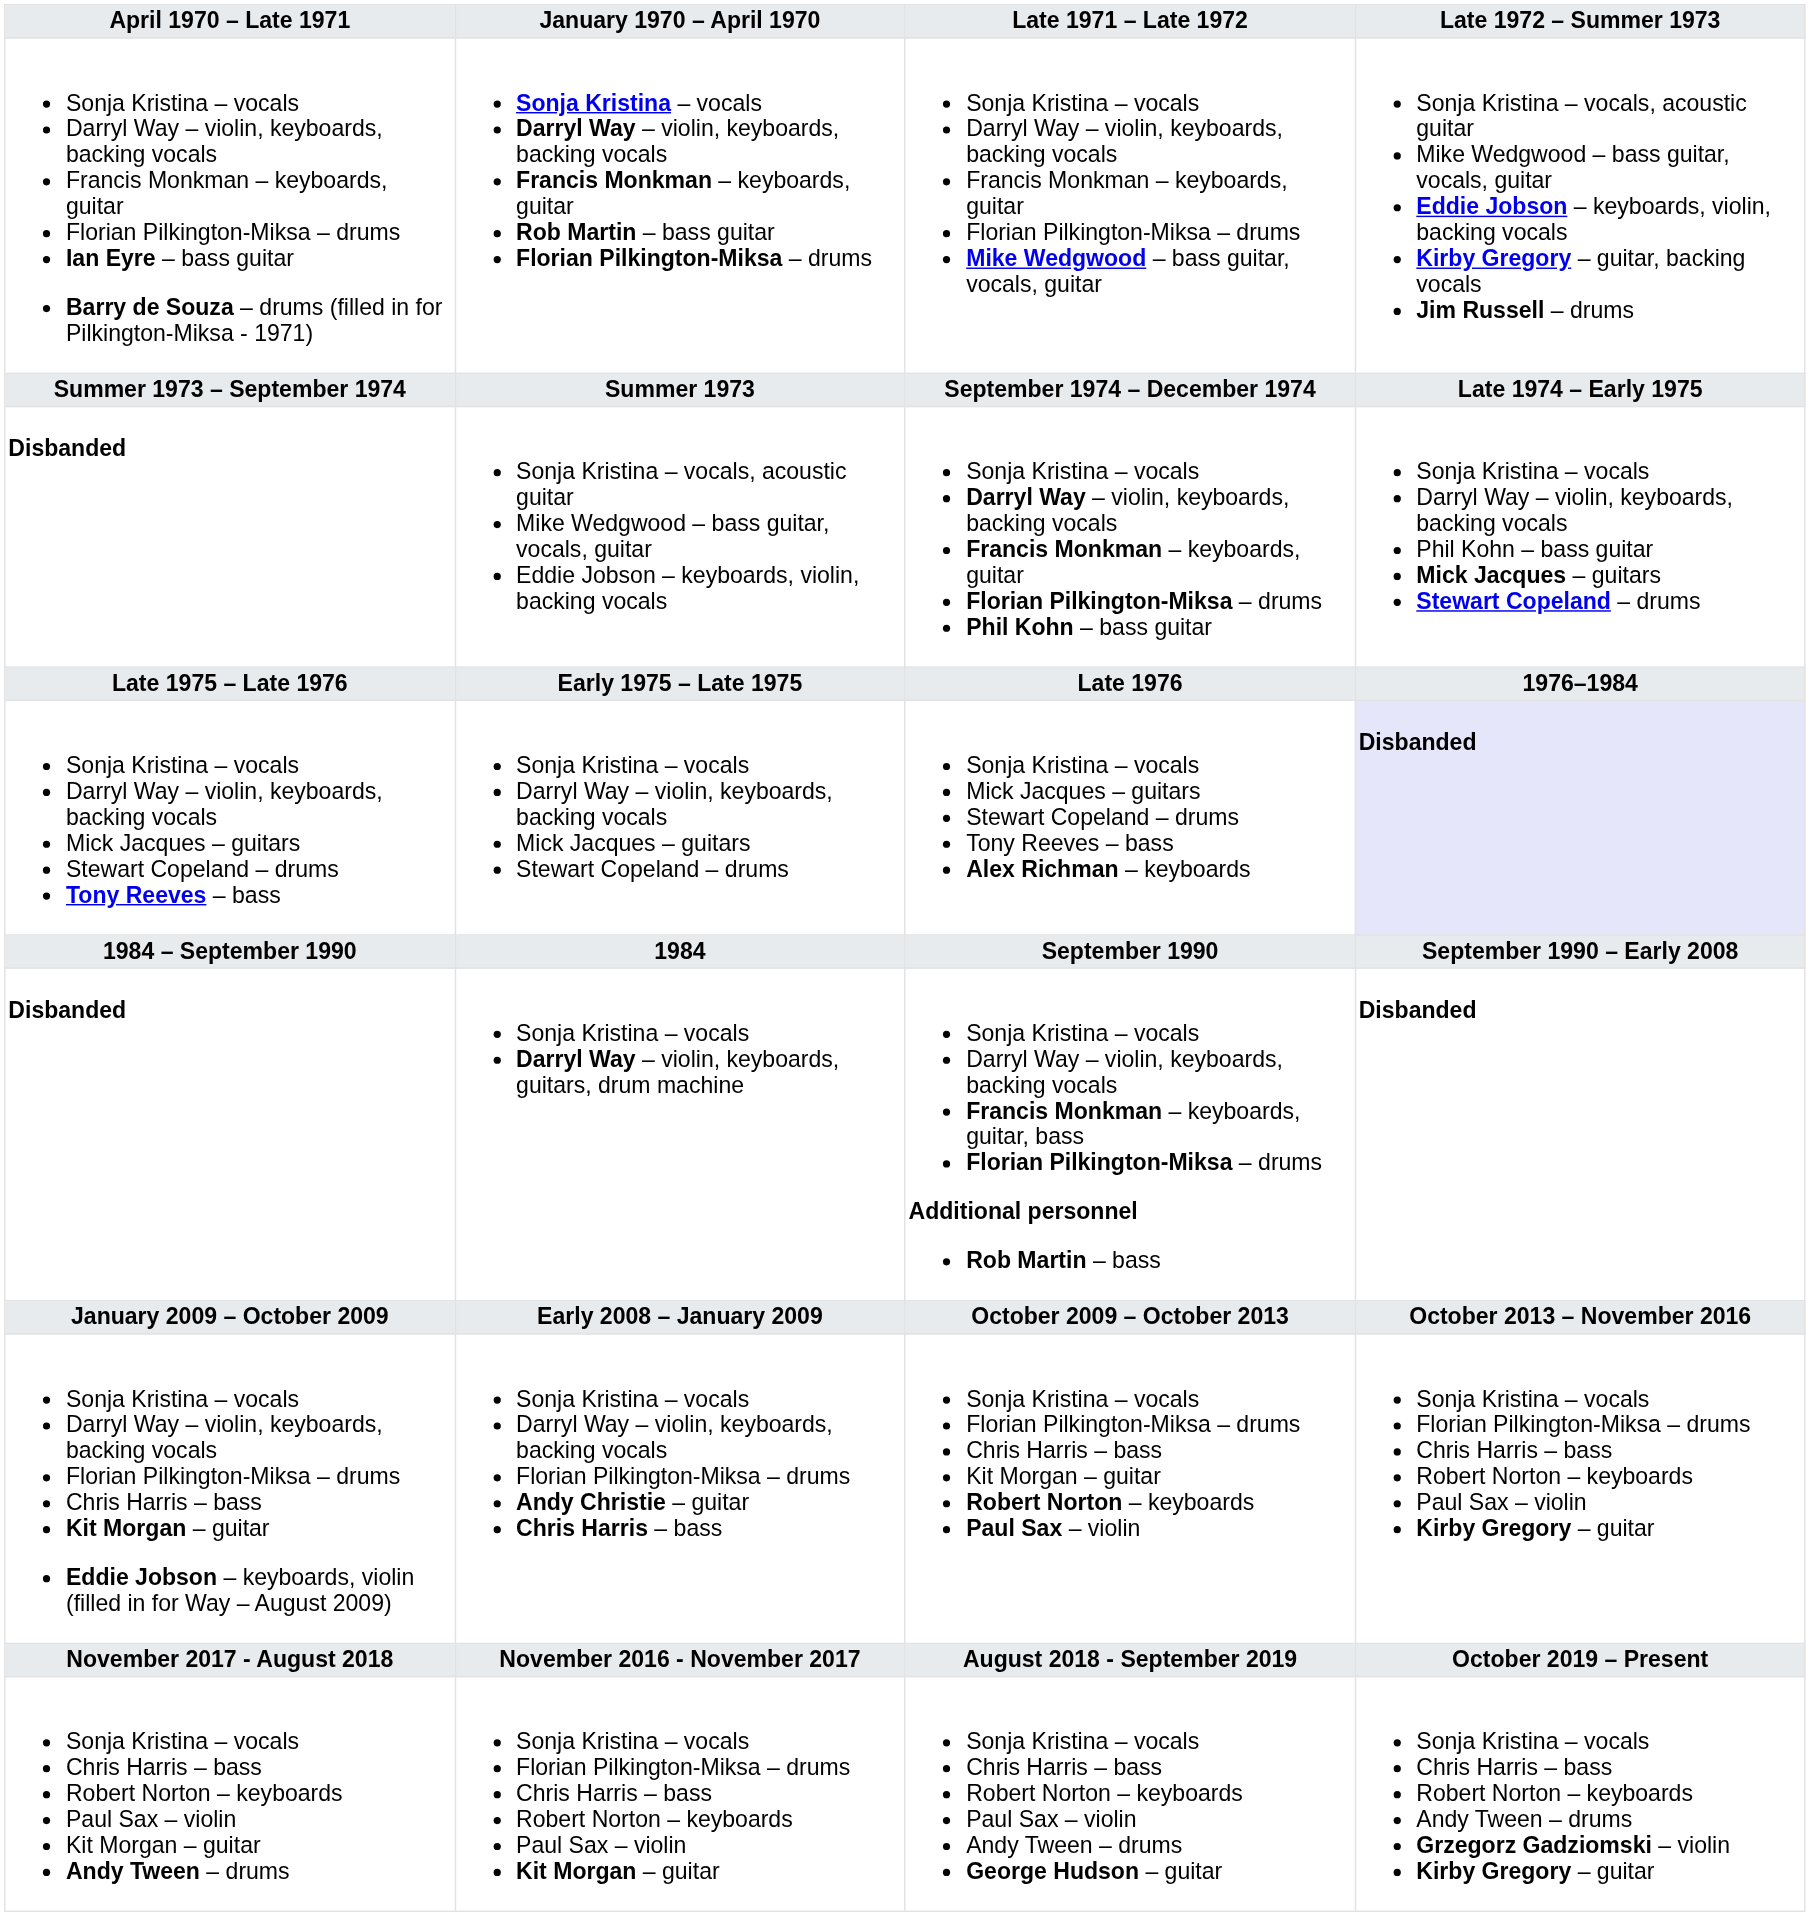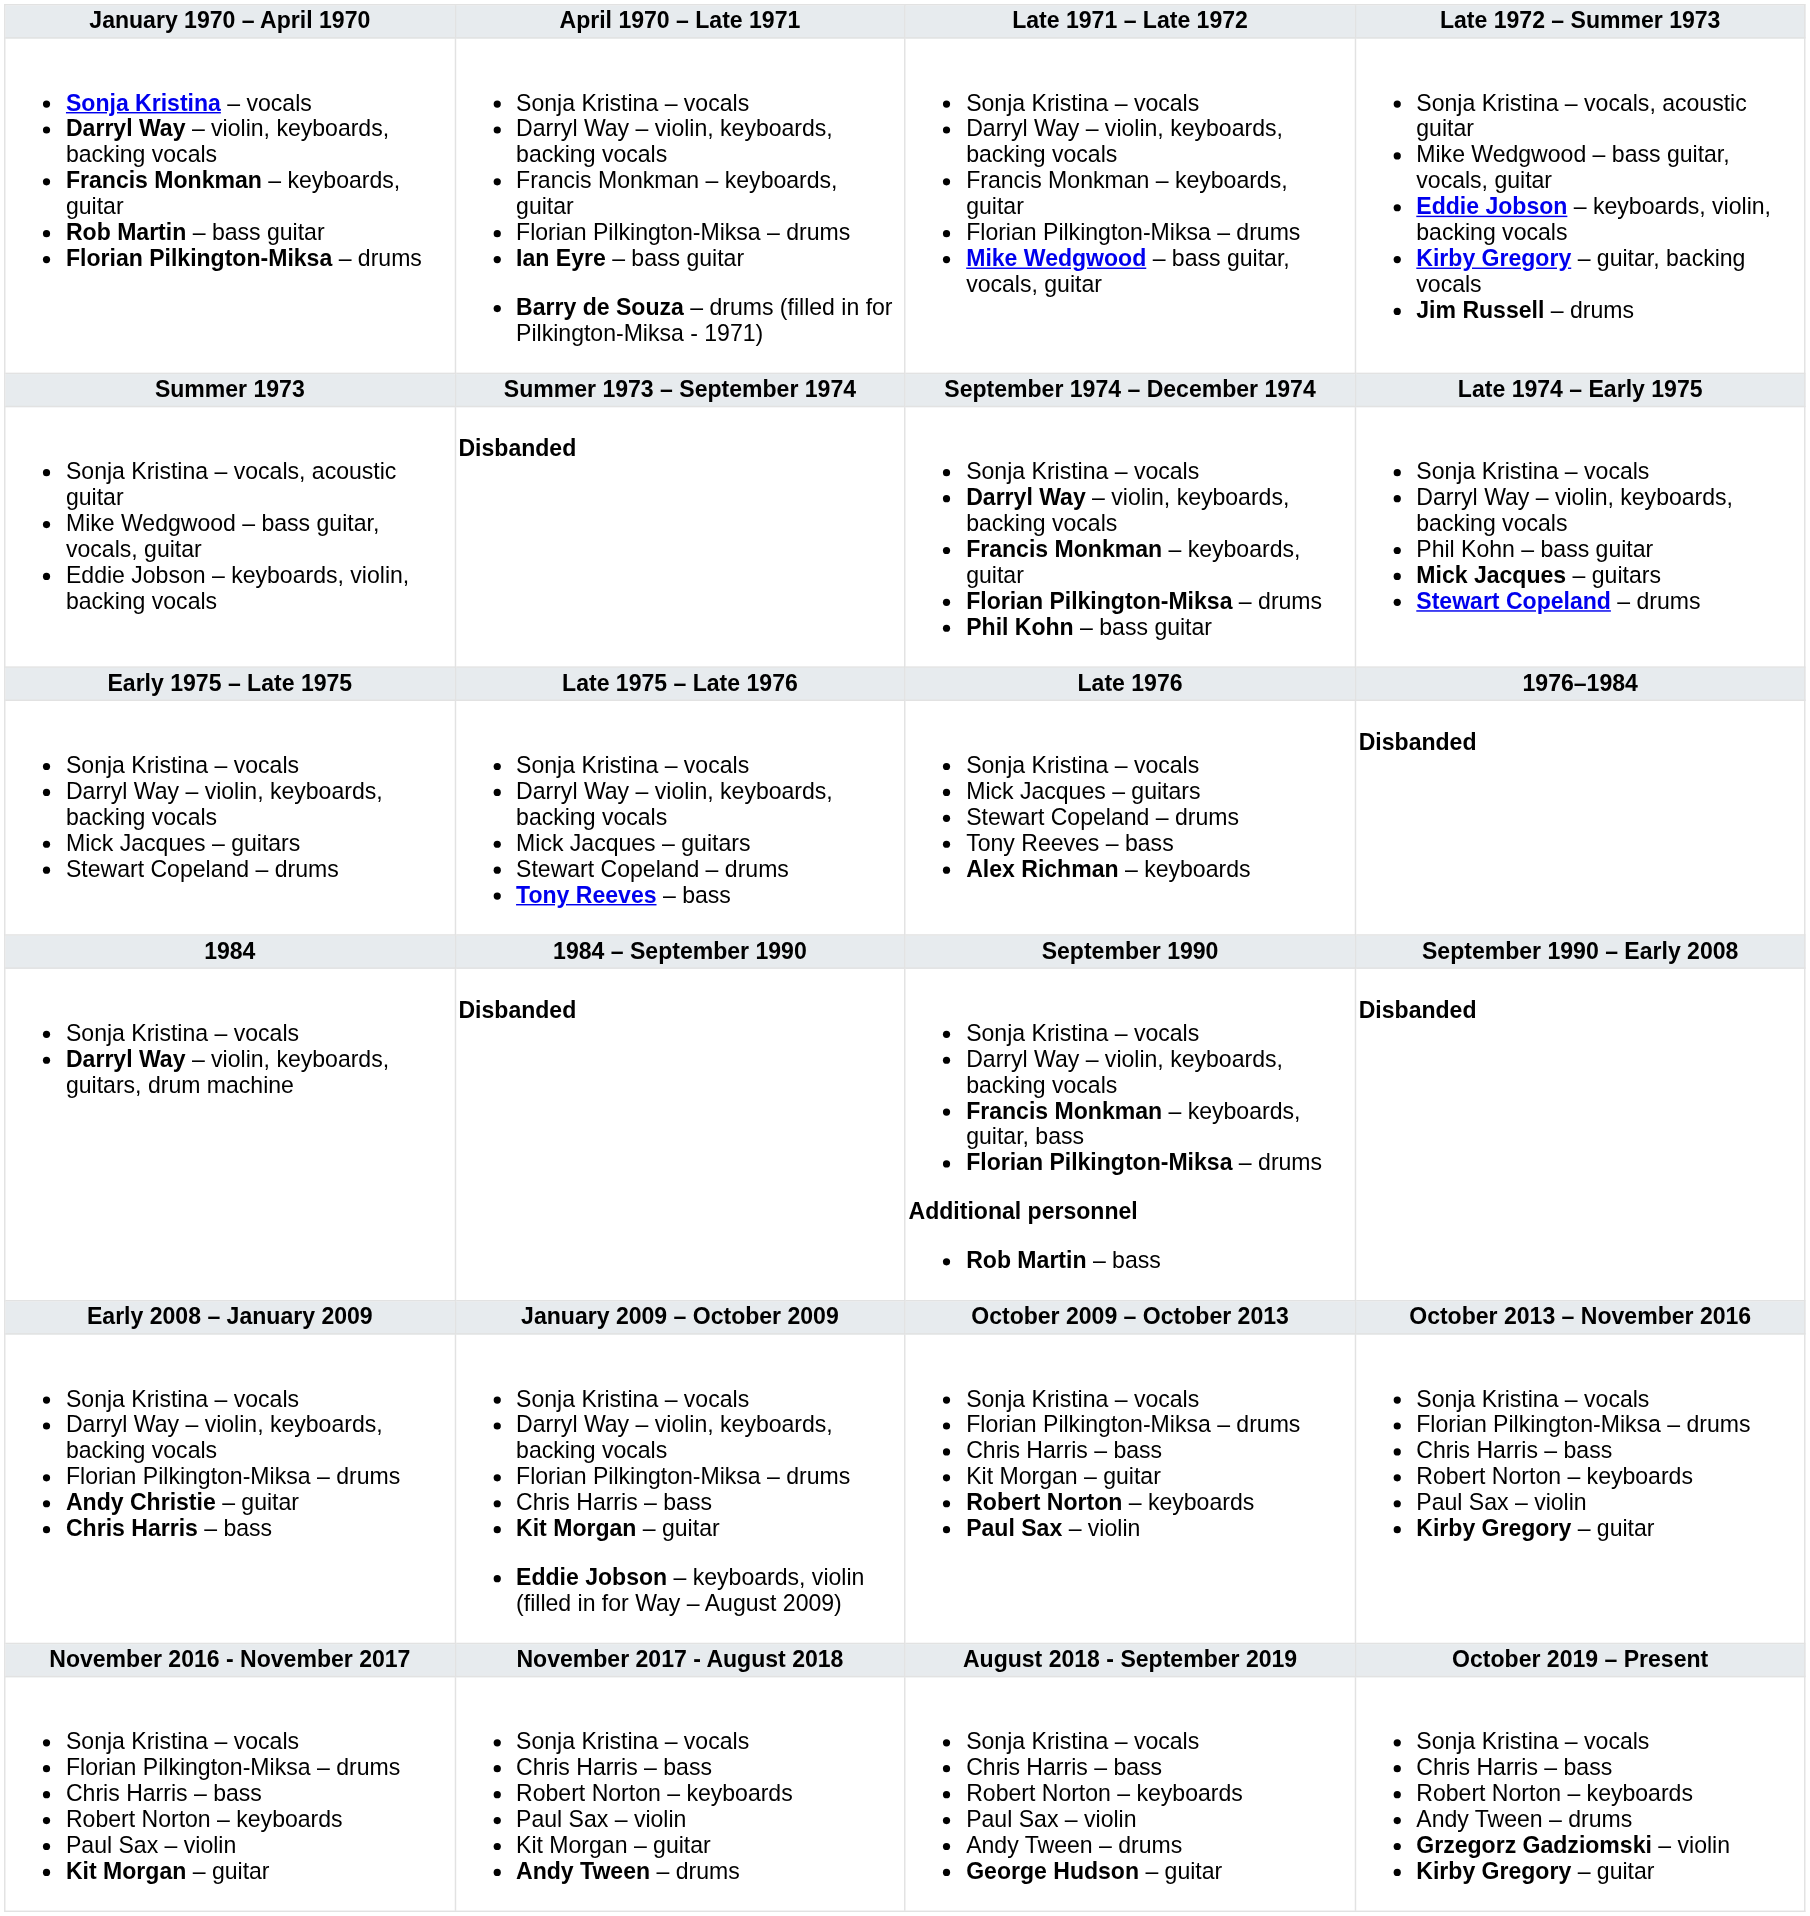 <table class="toccolours" border=1 cellpadding=2 cellspacing=0 style="float: width: 375px; margin: 0 0 1em 1em; border-collapse: collapse; border: 1px solid #E2E2E2;" width=99%>
 <tr>
+<th bgcolor="#E7EBEE" valign=top width=25%>January 1970 – April 1970</th>
 <th bgcolor="#E7EBEE" valign=top width=25%>April 1970 – Late 1971</th>
-<th bgcolor="#E7EBEE" valign=top width=25%>January 1970 – April 1970</th>
 <th bgcolor="#E7EBEE" valign=top width=25%>Late 1971 – Late 1972</th>
 <th bgcolor="#E7EBEE" valign=top width=25%>Late 1972 – Summer 1973</th>
 </tr>
 <tr>
+<td valign=top><br><ul><li><strong><a href='#'>Sonja Kristina</a></strong> – vocals</li><li><strong>Darryl Way</strong> – violin, keyboards, backing vocals</li><li><strong>Francis Monkman</strong> – keyboards, guitar</li><li><strong>Rob Martin</strong> – bass guitar</li><li><strong>Florian Pilkington-Miksa</strong> – drums</li></ul></td>
 <td valign=top><br><ul><li>Sonja Kristina – vocals</li><li>Darryl Way – violin, keyboards, backing vocals</li><li>Francis Monkman – keyboards, guitar</li><li>Florian Pilkington-Miksa – drums</li><li><strong>Ian Eyre</strong> – bass guitar</li></ul><ul><li><strong>Barry de Souza</strong> – drums (filled in for Pilkington-Miksa - 1971)</li></ul></td>
-<td valign=top><br><ul><li><strong><a href='#'>Sonja Kristina</a></strong> – vocals</li><li><strong>Darryl Way</strong> – violin, keyboards, backing vocals</li><li><strong>Francis Monkman</strong> – keyboards, guitar</li><li><strong>Rob Martin</strong> – bass guitar</li><li><strong>Florian Pilkington-Miksa</strong> – drums</li></ul></td>
 <td valign=top><br><ul><li>Sonja Kristina – vocals</li><li>Darryl Way – violin, keyboards, backing vocals</li><li>Francis Monkman – keyboards, guitar</li><li>Florian Pilkington-Miksa – drums</li><li><strong><a href='#'>Mike Wedgwood</a></strong> – bass guitar, vocals, guitar</li></ul></td>
 <td valign=top><br><ul><li>Sonja Kristina – vocals, acoustic guitar</li><li>Mike Wedgwood – bass guitar, vocals, guitar</li><li><strong><a href='#'>Eddie Jobson</a></strong> – keyboards, violin, backing vocals</li><li><strong><a href='#'>Kirby Gregory</a></strong> – guitar, backing vocals</li><li><strong>Jim Russell</strong> – drums</li></ul></td>
 </tr>
 <tr>
+<th bgcolor="#E7EBEE" valign=top width=25%>Summer 1973</th>
 <th bgcolor="#E7EBEE" valign=top width=25%>Summer 1973 – September 1974</th>
-<th bgcolor="#E7EBEE" valign=top width=25%>Summer 1973</th>
 <th bgcolor="#E7EBEE" valign=top width=25%>September 1974 – December 1974</th>
 <th bgcolor="#E7EBEE" valign=top width=25%>Late 1974 – Early 1975</th>
 </tr>
 <tr>
+<td valign=top><br><ul><li>Sonja Kristina – vocals, acoustic guitar</li><li>Mike Wedgwood – bass guitar, vocals, guitar</li><li>Eddie Jobson – keyboards, violin, backing vocals</li></ul></td>
 <td valign=top><br><strong>Disbanded</strong></td>
-<td valign=top><br><ul><li>Sonja Kristina – vocals, acoustic guitar</li><li>Mike Wedgwood – bass guitar, vocals, guitar</li><li>Eddie Jobson – keyboards, violin, backing vocals</li></ul></td>
 <td valign=top><br><ul><li>Sonja Kristina – vocals</li><li><strong>Darryl Way</strong> – violin, keyboards, backing vocals</li><li><strong>Francis Monkman</strong> – keyboards, guitar</li><li><strong>Florian Pilkington-Miksa</strong> – drums</li><li><strong>Phil Kohn</strong> – bass guitar</li></ul></td>
 <td valign=top><br><ul><li>Sonja Kristina – vocals</li><li>Darryl Way – violin, keyboards, backing vocals</li><li>Phil Kohn – bass guitar</li><li><strong>Mick Jacques</strong> – guitars</li><li><strong><a href='#'>Stewart Copeland</a></strong> – drums</li></ul></td>
 </tr>
 <tr>
+<th bgcolor="#E7EBEE" valign=top width=25%>Early 1975 – Late 1975</th>
 <th bgcolor="#E7EBEE" valign=top width=25%>Late 1975 – Late 1976</th>
-<th bgcolor="#E7EBEE" valign=top width=25%>Early 1975 – Late 1975</th>
 <th bgcolor="#E7EBEE" valign=top width=25%>Late 1976</th>
 <th bgcolor="#E7EBEE" valign=top width=25%>1976–1984</th>
 </tr>
 <tr>
+<td valign=top><br><ul><li>Sonja Kristina – vocals</li><li>Darryl Way – violin, keyboards, backing vocals</li><li>Mick Jacques – guitars</li><li>Stewart Copeland – drums</li></ul></td>
 <td valign=top><br><ul><li>Sonja Kristina – vocals</li><li>Darryl Way – violin, keyboards, backing vocals</li><li>Mick Jacques – guitars</li><li>Stewart Copeland – drums</li><li><strong><a href='#'>Tony Reeves</a></strong> – bass</li></ul></td>
-<td valign=top><br><ul><li>Sonja Kristina – vocals</li><li>Darryl Way – violin, keyboards, backing vocals</li><li>Mick Jacques – guitars</li><li>Stewart Copeland – drums</li></ul></td>
 <td valign=top><br><ul><li>Sonja Kristina – vocals</li><li>Mick Jacques – guitars</li><li>Stewart Copeland – drums</li><li>Tony Reeves – bass</li><li><strong>Alex Richman</strong> – keyboards</li></ul></td>
-<td valign=top style="background: lavender;"><br><strong>Disbanded</strong></td>
+<td valign=top><br><strong>Disbanded</strong></td>
 </tr>
 <tr>
+<th bgcolor="#E7EBEE" valign=top width=25%>1984</th>
 <th bgcolor="#E7EBEE" valign=top width=25%>1984 – September 1990</th>
-<th bgcolor="#E7EBEE" valign=top width=25%>1984</th>
 <th bgcolor="#E7EBEE" valign=top width=25%>September 1990</th>
 <th bgcolor="#E7EBEE" valign=top width=25%>September 1990 – Early 2008</th>
 </tr>
 <tr>
+<td valign=top><br><ul><li>Sonja Kristina – vocals</li><li><strong>Darryl Way</strong> – violin, keyboards, guitars, drum machine</li></ul></td>
 <td valign=top><br><strong>Disbanded</strong></td>
-<td valign=top><br><ul><li>Sonja Kristina – vocals</li><li><strong>Darryl Way</strong> – violin, keyboards, guitars, drum machine</li></ul></td>
 <td valign=top><br><ul><li>Sonja Kristina – vocals</li><li>Darryl Way – violin, keyboards, backing vocals</li><li><strong>Francis Monkman</strong> – keyboards, guitar, bass</li><li><strong>Florian Pilkington-Miksa</strong> – drums</li></ul><strong>Additional personnel</strong><ul><li><strong>Rob Martin</strong> – bass</li></ul></td>
 <td valign=top><br><strong>Disbanded</strong></td>
 </tr>
 <tr>
+<th bgcolor="#E7EBEE" valign=top width=25%>Early 2008 – January 2009</th>
 <th bgcolor="#E7EBEE" valign=top width=25%>January 2009 – October 2009</th>
-<th bgcolor="#E7EBEE" valign=top width=25%>Early 2008 – January 2009</th>
 <th bgcolor="#E7EBEE" valign=top width=25%>October 2009 – October 2013</th>
 <th bgcolor="#E7EBEE" valign=top width=25%>October 2013 – November 2016</th>
 </tr>
 <tr>
+<td valign=top><br><ul><li>Sonja Kristina – vocals</li><li>Darryl Way – violin, keyboards, backing vocals</li><li>Florian Pilkington-Miksa – drums</li><li><strong>Andy Christie</strong> – guitar</li><li><strong>Chris Harris</strong> – bass</li></ul></td>
 <td valign=top><br><ul><li>Sonja Kristina – vocals</li><li>Darryl Way – violin, keyboards, backing vocals</li><li>Florian Pilkington-Miksa – drums</li><li>Chris Harris – bass</li><li><strong>Kit Morgan</strong> – guitar</li></ul><ul><li><strong>Eddie Jobson</strong> – keyboards, violin (filled in for Way – August 2009)</li></ul></td>
-<td valign=top><br><ul><li>Sonja Kristina – vocals</li><li>Darryl Way – violin, keyboards, backing vocals</li><li>Florian Pilkington-Miksa – drums</li><li><strong>Andy Christie</strong> – guitar</li><li><strong>Chris Harris</strong> – bass</li></ul></td>
 <td valign=top><br><ul><li>Sonja Kristina – vocals</li><li>Florian Pilkington-Miksa – drums</li><li>Chris Harris – bass</li><li>Kit Morgan – guitar</li><li><strong>Robert Norton</strong> – keyboards</li><li><strong>Paul Sax</strong> – violin</li></ul></td>
 <td valign=top><br><ul><li>Sonja Kristina – vocals</li><li>Florian Pilkington-Miksa – drums</li><li>Chris Harris – bass</li><li>Robert Norton – keyboards</li><li>Paul Sax – violin</li><li><strong>Kirby Gregory</strong> – guitar</li></ul></td>
 </tr>
 <tr>
+<th bgcolor="#E7EBEE" valign=top width=25%>November 2016 - November 2017</th>
 <th bgcolor="#E7EBEE" valign=top width=25%>November 2017 - August 2018</th>
-<th bgcolor="#E7EBEE" valign=top width=25%>November 2016 - November 2017</th>
 <th bgcolor="#E7EBEE" valign=top width=25%>August 2018 - September 2019</th>
 <th bgcolor="#E7EBEE" valign=top width=25%>October 2019 – Present</th>
 </tr>
 <tr>
+<td valign=top><br><ul><li>Sonja Kristina – vocals</li><li>Florian Pilkington-Miksa – drums</li><li>Chris Harris – bass</li><li>Robert Norton – keyboards</li><li>Paul Sax – violin</li><li><strong>Kit Morgan</strong> – guitar</li></ul></td>
 <td valign=top><br><ul><li>Sonja Kristina – vocals</li><li>Chris Harris – bass</li><li>Robert Norton – keyboards</li><li>Paul Sax – violin</li><li>Kit Morgan – guitar</li><li><strong>Andy Tween</strong> – drums</li></ul></td>
-<td valign=top><br><ul><li>Sonja Kristina – vocals</li><li>Florian Pilkington-Miksa – drums</li><li>Chris Harris – bass</li><li>Robert Norton – keyboards</li><li>Paul Sax – violin</li><li><strong>Kit Morgan</strong> – guitar</li></ul></td>
 <td valign=top><br><ul><li>Sonja Kristina – vocals</li><li>Chris Harris – bass</li><li>Robert Norton – keyboards</li><li>Paul Sax – violin</li><li>Andy Tween – drums</li><li><strong>George Hudson</strong> – guitar</li></ul></td>
 <td valign=top><br><ul><li>Sonja Kristina – vocals</li><li>Chris Harris – bass</li><li>Robert Norton – keyboards</li><li>Andy Tween – drums</li><li><strong>Grzegorz Gadziomski</strong> – violin</li><li><strong>Kirby Gregory</strong> – guitar</li></ul></td>
 </tr>
 </table>
